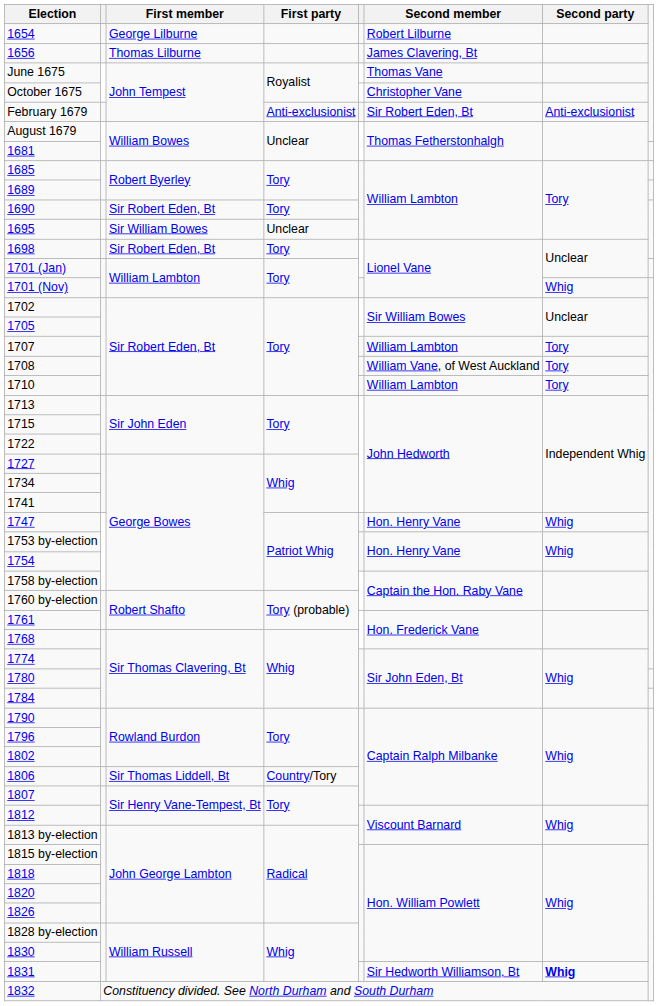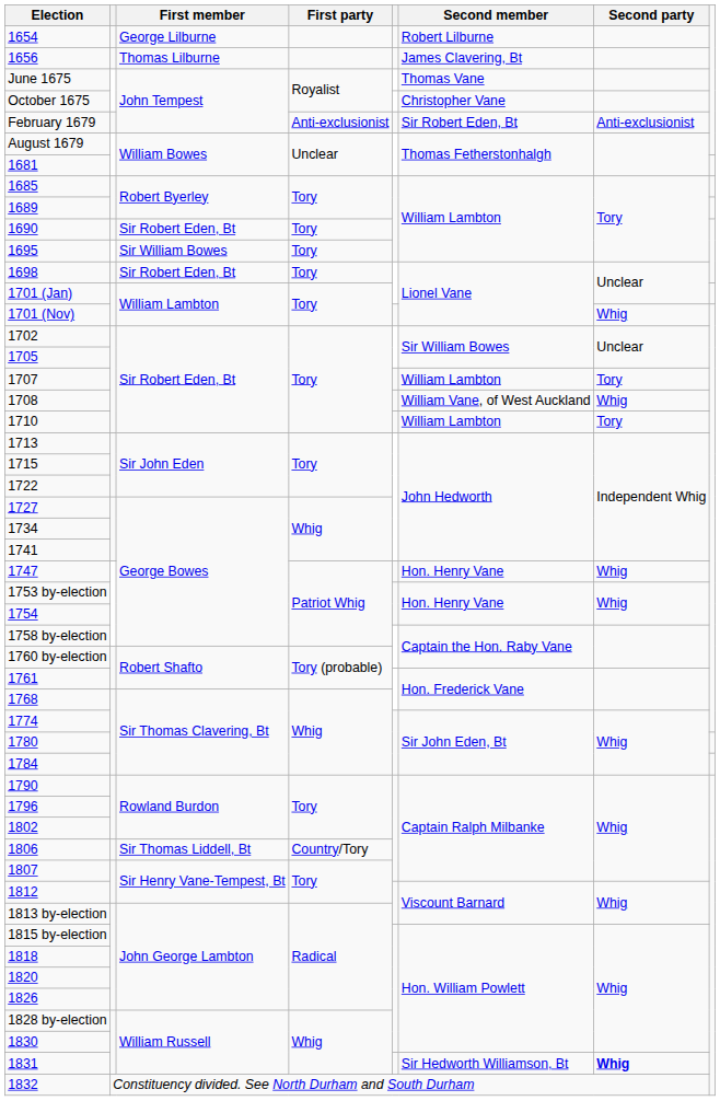 <table class="wikitable">
 <tr>
 <th>Election</th>
 <th></th>
 <th>First member</th>
 <th>First party</th>
 <th></th>
 <th>Second member</th>
 <th>Second party</th>
 </tr>
 <tr>
 <td><a href='#'>1654</a></td>
 <td></td>
 <td><a href='#'>George Lilburne</a></td>
 <td></td>
 <td></td>
 <td><a href='#'>Robert Lilburne</a></td>
 <td></td>
 </tr>
 <tr>
 <td><a href='#'>1656</a></td>
 <td></td>
 <td><a href='#'>Thomas Lilburne</a></td>
 <td></td>
 <td></td>
 <td><a href='#'>James Clavering, Bt</a></td>
 <td></td>
 </tr>
 <tr>
 <td>June 1675</td>
 <td rowspan="2" style="color:inherit;background-color: white"></td>
 <td rowspan="3"><a href='#'>John Tempest</a></td>
 <td rowspan="2">Royalist</td>
 <td style="color:inherit;background-color: white"></td>
 <td><a href='#'>Thomas Vane</a></td>
 <td></td>
 </tr>
 <tr>
 <td>October 1675</td>
 <td style="color:inherit;background-color: white"></td>
 <td><a href='#'>Christopher Vane</a></td>
 <td></td>
 </tr>
 <tr>
 <td>February 1679</td>
 <td style="color:inherit;background-color: "></td>
 <td><a href='#'>Anti-exclusionist</a></td>
 <td style="color:inherit;background-color: "></td>
 <td><a href='#'>Sir Robert Eden, Bt</a></td>
 <td><a href='#'>Anti-exclusionist</a></td>
 </tr>
 <tr>
 <td>August 1679</td>
 <td rowspan="2" style="color:inherit;background-color: white"></td>
 <td rowspan="2"><a href='#'>William Bowes</a></td>
 <td rowspan="2">Unclear</td>
 <td rowspan="2" style="color:inherit;background-color: white"></td>
 <td rowspan="2"><a href='#'>Thomas Fetherstonhalgh</a></td>
 <td rowspan="2"></td>
 </tr>
 <tr>
 <td><a href='#'>1681</a></td>
 <td></td>
 </tr>
 <tr>
 <td><a href='#'>1685</a></td>
 <td rowspan="2" style="color:inherit;background-color: "></td>
 <td rowspan="2"><a href='#'>Robert Byerley</a></td>
 <td rowspan="2"><a href='#'>Tory</a></td>
 <td rowspan="4" style="color:inherit;background-color: "></td>
 <td rowspan="4"><a href='#'>William Lambton</a></td>
 <td rowspan="4"><a href='#'>Tory</a></td>
 </tr>
 <tr>
 <td><a href='#'>1689</a></td>
 <td></td>
 </tr>
 <tr>
 <td><a href='#'>1690</a></td>
 <td style="color:inherit;background-color: "></td>
 <td><a href='#'>Sir Robert Eden, Bt</a></td>
 <td><a href='#'>Tory</a></td>
 </tr>
 <tr>
 <td><a href='#'>1695</a></td>
 <td style="color:inherit;background-color: white"></td>
 <td><a href='#'>Sir William Bowes</a></td>
-<td>Unclear</td>
+<td><a href='#'>Tory</a></td>
 </tr>
 <tr>
 <td><a href='#'>1698</a></td>
 <td style="color:inherit;background-color: "></td>
 <td><a href='#'>Sir Robert Eden, Bt</a></td>
 <td><a href='#'>Tory</a></td>
 <td rowspan="2" style="color:inherit;background-color: white"></td>
 <td rowspan="3"><a href='#'>Lionel Vane</a></td>
 <td rowspan="2">Unclear</td>
 </tr>
 <tr>
 <td><a href='#'>1701 (Jan)</a></td>
 <td rowspan="2" style="color:inherit;background-color: "></td>
 <td rowspan="2"><a href='#'>William Lambton</a></td>
 <td rowspan="2"><a href='#'>Tory</a></td>
 <td></td>
 </tr>
 <tr>
 <td><a href='#'>1701 (Nov)</a></td>
 <td style="color:inherit;background-color: "></td>
 <td><a href='#'>Whig</a></td>
 </tr>
 <tr>
 <td>1702</td>
 <td rowspan="5" style="color:inherit;background-color: "></td>
 <td rowspan="5"><a href='#'>Sir Robert Eden, Bt</a></td>
 <td rowspan="5"><a href='#'>Tory</a></td>
 <td rowspan="2" style="color:inherit;background-color: white"></td>
 <td rowspan="2"><a href='#'>Sir William Bowes</a></td>
 <td rowspan="2">Unclear</td>
 </tr>
 <tr>
 <td><a href='#'>1705</a></td>
 </tr>
 <tr>
 <td>1707</td>
 <td style="color:inherit;background-color: "></td>
 <td><a href='#'>William Lambton</a></td>
 <td><a href='#'>Tory</a></td>
 </tr>
 <tr>
 <td>1708</td>
 <td style="color:inherit;background-color: "></td>
 <td><a href='#'>William Vane</a>, of West Auckland</td>
-<td><a href='#'>Tory</a></td>
+<td><a href='#'>Whig</a></td>
 </tr>
 <tr>
 <td>1710</td>
 <td style="color:inherit;background-color: "></td>
 <td><a href='#'>William Lambton</a></td>
 <td><a href='#'>Tory</a></td>
 </tr>
 <tr>
 <td>1713</td>
 <td rowspan="3" style="color:inherit;background-color: "></td>
 <td rowspan="3"><a href='#'>Sir John Eden</a></td>
 <td rowspan="3"><a href='#'>Tory</a></td>
 <td rowspan="6" style="color:inherit;background-color: white"></td>
 <td rowspan="6"><a href='#'>John Hedworth</a></td>
 <td rowspan="6">Independent Whig</td>
 </tr>
 <tr>
 <td>1715</td>
 </tr>
 <tr>
 <td>1722</td>
 </tr>
 <tr>
 <td><a href='#'>1727</a></td>
 <td rowspan="3" style="color:inherit;background-color: "></td>
 <td rowspan="7"><a href='#'>George Bowes</a></td>
 <td rowspan="3"><a href='#'>Whig</a></td>
 </tr>
 <tr>
 <td>1734</td>
 </tr>
 <tr>
 <td>1741</td>
 </tr>
 <tr>
 <td><a href='#'>1747</a></td>
 <td rowspan="4" style="color:inherit;background-color: white"></td>
 <td rowspan="4"><a href='#'>Patriot Whig</a></td>
 <td style="color:inherit;background-color: "></td>
 <td><a href='#'>Hon. Henry Vane</a></td>
 <td><a href='#'>Whig</a></td>
 </tr>
 <tr>
 <td>1753 by-election</td>
 <td rowspan="2" style="color:inherit;background-color: "></td>
 <td rowspan="2"><a href='#'>Hon. Henry Vane</a></td>
 <td rowspan="2"><a href='#'>Whig</a></td>
 </tr>
 <tr>
 <td><a href='#'>1754</a></td>
 </tr>
 <tr>
 <td>1758 by-election</td>
 <td rowspan="2" style="color:inherit;background-color: white"></td>
 <td rowspan="2"><a href='#'>Captain the Hon. Raby Vane</a></td>
 <td rowspan="2"></td>
 </tr>
 <tr>
 <td>1760 by-election</td>
 <td rowspan="2" style="color:inherit;background-color: "></td>
 <td rowspan="2"><a href='#'>Robert Shafto</a></td>
 <td rowspan="2"><a href='#'>Tory</a> (probable)</td>
 </tr>
 <tr>
 <td><a href='#'>1761</a></td>
 <td rowspan="2" style="color:inherit;background-color: white"></td>
 <td rowspan="2"><a href='#'>Hon. Frederick Vane</a></td>
 <td rowspan="2"></td>
 </tr>
 <tr>
 <td><a href='#'>1768</a></td>
 <td rowspan="4" style="color:inherit;background-color: "></td>
 <td rowspan="4"><a href='#'>Sir Thomas Clavering, Bt</a></td>
 <td rowspan="4"><a href='#'>Whig</a></td>
 </tr>
 <tr>
 <td><a href='#'>1774</a></td>
 <td rowspan="3" style="color:inherit;background-color: "></td>
 <td rowspan="3"><a href='#'>Sir John Eden, Bt</a></td>
 <td rowspan="3"><a href='#'>Whig</a></td>
 </tr>
 <tr>
 <td><a href='#'>1780</a></td>
 <td></td>
 </tr>
 <tr>
 <td><a href='#'>1784</a></td>
 <td></td>
 </tr>
 <tr>
 <td><a href='#'>1790</a></td>
 <td rowspan="3" style="color:inherit;background-color: "></td>
 <td rowspan="3"><a href='#'>Rowland Burdon</a></td>
 <td rowspan="3"><a href='#'>Tory</a></td>
 <td rowspan="5" style="color:inherit;background-color: "></td>
 <td rowspan="5"><a href='#'>Captain Ralph Milbanke</a></td>
 <td rowspan="5"><a href='#'>Whig</a></td>
 </tr>
 <tr>
 <td><a href='#'>1796</a></td>
 </tr>
 <tr>
 <td><a href='#'>1802</a></td>
 </tr>
 <tr>
 <td><a href='#'>1806</a></td>
 <td style="color:inherit;background-color: "></td>
 <td><a href='#'>Sir Thomas Liddell, Bt</a></td>
 <td><a href='#'>Country</a>/Tory</td>
 </tr>
 <tr>
 <td><a href='#'>1807</a></td>
 <td rowspan="2" style="color:inherit;background-color: "></td>
 <td rowspan="2"><a href='#'>Sir Henry Vane-Tempest, Bt</a></td>
 <td rowspan="2"><a href='#'>Tory</a></td>
 </tr>
 <tr>
 <td><a href='#'>1812</a></td>
 <td rowspan="2" style="color:inherit;background-color: "></td>
 <td rowspan="2"><a href='#'>Viscount Barnard</a></td>
 <td rowspan="2"><a href='#'>Whig</a></td>
 </tr>
 <tr>
 <td>1813 by-election</td>
 <td rowspan="5" style="color:inherit;background-color: "></td>
 <td rowspan="5"><a href='#'>John George Lambton</a></td>
 <td rowspan="5"><a href='#'>Radical</a></td>
 </tr>
 <tr>
 <td>1815 by-election</td>
 <td rowspan="6" style="color:inherit;background-color: "></td>
 <td rowspan="6"><a href='#'>Hon. William Powlett</a></td>
 <td rowspan="6"><a href='#'>Whig</a></td>
 </tr>
 <tr>
 <td><a href='#'>1818</a></td>
 </tr>
 <tr>
 <td><a href='#'>1820</a></td>
 </tr>
 <tr>
 <td><a href='#'>1826</a></td>
 </tr>
 <tr>
 <td>1828 by-election</td>
 <td rowspan="3" style="color:inherit;background-color: "></td>
 <td rowspan="3"><a href='#'>William Russell</a></td>
 <td rowspan="3"><a href='#'>Whig</a></td>
 </tr>
 <tr>
 <td><a href='#'>1830</a></td>
 </tr>
 <tr>
 <td><a href='#'>1831</a></td>
 <td style="color:inherit;background-color: "></td>
 <td><a href='#'>Sir Hedworth Williamson, Bt</a></td>
 <td><strong><a href='#'>Whig</a></strong></td>
 </tr>
 <tr>
 <td><a href='#'>1832</a></td>
 <td colspan="6"><em>Constituency divided. See <a href='#'>North Durham</a> and <a href='#'>South Durham</a></em></td>
 </tr>
 </table>
